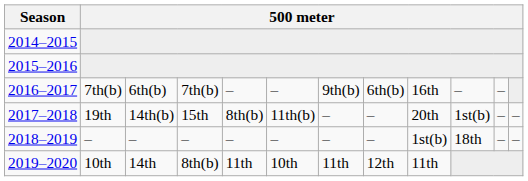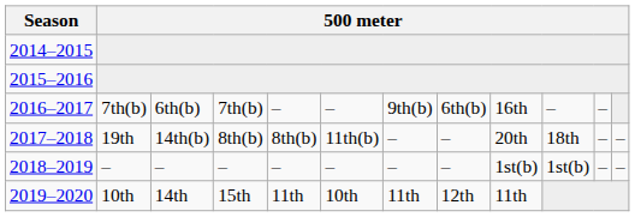 <table class="wikitable" style="display: inline-table;">
 <tr>
 <th>Season</th>
 <th colspan="14">500 meter</th>
 </tr>
 <tr>
 <td><a href='#'>2014–2015</a></td>
 <td colspan="11" bgcolor=#EEEEEE></td>
 </tr>
 <tr>
 <td><a href='#'>2015–2016</a></td>
 <td colspan="11" bgcolor=#EEEEEE></td>
 </tr>
 <tr>
 <td><a href='#'>2016–2017</a></td>
 <td>7th(b)</td>
 <td>6th(b)</td>
 <td>7th(b)</td>
 <td>–</td>
 <td>–</td>
 <td>9th(b)</td>
 <td>6th(b)</td>
 <td>16th</td>
 <td>–</td>
 <td>–</td>
 <td colspan="1" bgcolor=#EEEEEE></td>
 </tr>
 <tr>
 <td><a href='#'>2017–2018</a></td>
 <td>19th</td>
 <td>14th(b)</td>
-<td>15th</td>
+<td>8th(b)</td>
 <td>8th(b)</td>
 <td>11th(b)</td>
 <td>–</td>
 <td>–</td>
 <td>20th</td>
-<td>1st(b)</td>
+<td>18th</td>
 <td>–</td>
 <td>–</td>
 </tr>
 <tr>
 <td><a href='#'>2018–2019</a></td>
 <td>–</td>
 <td>–</td>
 <td>–</td>
 <td>–</td>
 <td>–</td>
 <td>–</td>
 <td>–</td>
 <td>1st(b)</td>
-<td>18th</td>
+<td>1st(b)</td>
 <td>–</td>
 <td>–</td>
 </tr>
 <tr>
 <td><a href='#'>2019–2020</a></td>
 <td>10th</td>
 <td>14th</td>
-<td>8th(b)</td>
+<td>15th</td>
 <td>11th</td>
 <td>10th</td>
 <td>11th</td>
 <td>12th</td>
 <td>11th</td>
 <td colspan="3" bgcolor=#EEEEEE></td>
 </tr>
 </table>
